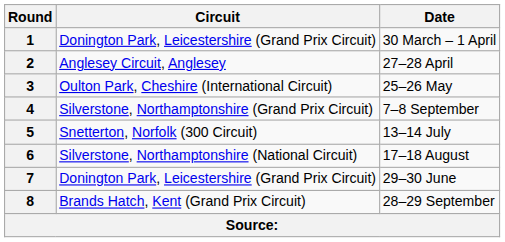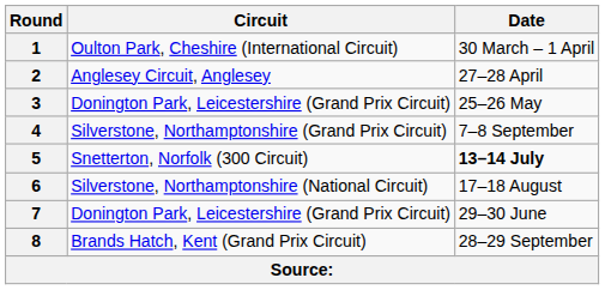 <table class="wikitable" style="font-size: 80%">
 <tr>
 <th>Round</th>
 <th>Circuit</th>
 <th>Date</th>
 </tr>
 <tr>
 <th>1</th>
-<td> <a href='#'>Donington Park</a>, <a href='#'>Leicestershire</a> (Grand Prix Circuit)</td>
+<td> <a href='#'>Oulton Park</a>, <a href='#'>Cheshire</a> (International Circuit)</td>
 <td>30 March – 1 April</td>
 </tr>
 <tr>
 <th>2</th>
 <td> <a href='#'>Anglesey Circuit</a>, <a href='#'>Anglesey</a></td>
 <td>27–28 April</td>
 </tr>
 <tr>
 <th>3</th>
-<td> <a href='#'>Oulton Park</a>, <a href='#'>Cheshire</a> (International Circuit)</td>
+<td> <a href='#'>Donington Park</a>, <a href='#'>Leicestershire</a> (Grand Prix Circuit)</td>
 <td>25–26 May</td>
 </tr>
 <tr>
 <th>4</th>
 <td> <a href='#'>Silverstone</a>, <a href='#'>Northamptonshire</a> (Grand Prix Circuit)</td>
 <td>7–8 September</td>
 </tr>
 <tr>
 <th>5</th>
 <td> <a href='#'>Snetterton</a>, <a href='#'>Norfolk</a> (300 Circuit)</td>
-<td>13–14 July</td>
+<td><strong>13–14 July</strong></td>
 </tr>
 <tr>
 <th>6</th>
 <td> <a href='#'>Silverstone</a>, <a href='#'>Northamptonshire</a> (National Circuit)</td>
 <td>17–18 August</td>
 </tr>
 <tr>
 <th>7</th>
 <td> <a href='#'>Donington Park</a>, <a href='#'>Leicestershire</a> (Grand Prix Circuit)</td>
 <td>29–30 June</td>
 </tr>
 <tr>
 <th>8</th>
 <td> <a href='#'>Brands Hatch</a>, <a href='#'>Kent</a> (Grand Prix Circuit)</td>
 <td>28–29 September</td>
 </tr>
 <tr>
 <th colspan="4">Source:</th>
 </tr>
 </table>
